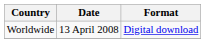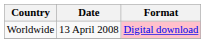 <table class="wikitable plainrowheaders">
 <tr>
 <th scope="col">Country</th>
 <th scope="col">Date</th>
 <th scope="col">Format</th>
 </tr>
 <tr>
 <td>Worldwide</td>
 <td>13 April 2008</td>
-<td><a href='#'>Digital download</a></td>
+<td style="background: pink;"><a href='#'>Digital download</a></td>
 </tr>
 <tr>
 </tr>
 </table>
